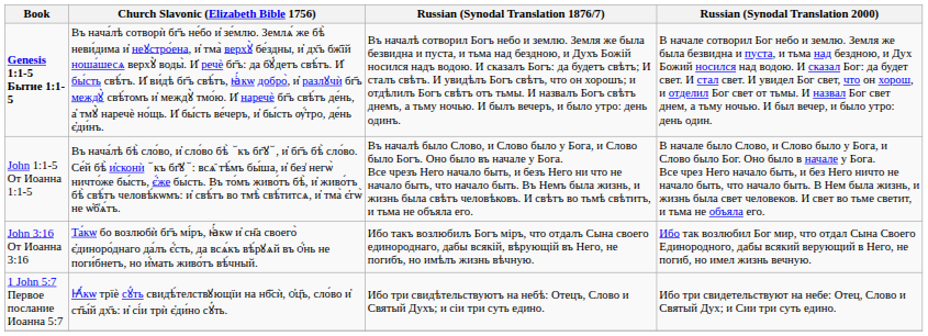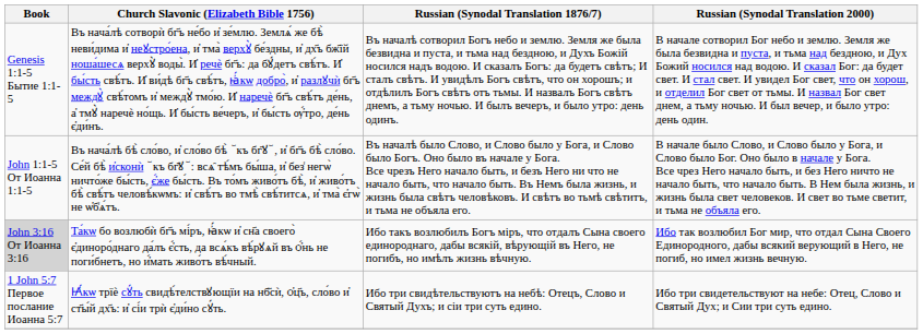 <table class="wikitable">
 <tr>
 <th>Book</th>
 <th>Church Slavonic (<a href='#'>Elizabeth Bible</a> 1756)</th>
 <th>Russian (Synodal Translation 1876/7)</th>
 <th>Russian (Synodal Translation 2000)</th>
 </tr>
 <tr>
-<td><strong><a href='#'>Genesis</a> 1:1-5<br>Бытие 1:1-5</strong></td>
+<td><a href='#'>Genesis</a> 1:1-5<br>Бытие 1:1-5</td>
 <td>Въ нача́лѣ сотворѝ бг҃ъ не́бо и҆ зе́млю.   Землѧ́ же бѣ̀ неви́дима и҆ <a href='#'>неꙋстро́ена</a>, и҆ тма̀ <a href='#'>верхꙋ̀</a> бе́здны, и҆ дх҃ъ бж҃їй <a href='#'>ноша́шесѧ</a> верхꙋ̀ воды̀.   И҆ <a href='#'>речѐ</a> бг҃ъ: да бꙋ́детъ свѣ́тъ. И҆ <a href='#'>бы́сть</a> свѣ́тъ.  И҆ ви́дѣ бг҃ъ свѣ́тъ, <a href='#'>ꙗ҆́кѡ</a> <a href='#'>добро̀</a>, и҆ <a href='#'>разлꙋчѝ</a> бг҃ъ <a href='#'>междꙋ̀</a> свѣ́томъ и҆ междꙋ̀ тмо́ю.  И҆ <a href='#'>наречѐ</a> бг҃ъ свѣ́тъ де́нь, а҆ тмꙋ̀ наречѐ но́щь. И҆ бы́сть ве́черъ, и҆ бы́сть ѹ҆́тро, де́нь є҆ди́нъ.</td>
 <td>Въ началѣ сотворил Богъ небо и землю. Земля же была безвидна и пуста, и тьма над бездною, и Духъ Божій носился надъ водою. И сказалъ Богъ: да будетъ свѣтъ; И сталъ свѣтъ. И увидѣлъ Богъ свѣтъ, что он хорошъ; и отдѣлилъ Богъ свѣтъ отъ тьмы. И назвалъ Богъ свѣтъ днемъ, а тьму ночью. И былъ вечеръ, и было утро: день одинъ.</td>
 <td>В начале сотворил Бог небо и землю. Земля же была безвидна и <a href='#'>пуста</a>, и тьма <a href='#'>над</a> бездною, и Дух Божий <a href='#'>носился</a> над водою. И <a href='#'>сказал</a> Бог: да будет свет. И <a href='#'>стал</a> свет. И увидел Бог свет, <a href='#'>что</a> он <a href='#'>хорош</a>, и <a href='#'>отделил</a> Бог свет от тьмы. И <a href='#'>назвал</a> Бог свет днем, а тьму ночью. И был вечер, и было утро: день один.</td>
 </tr>
 <tr>
 <td><a href='#'>John</a> 1:1-5<br>От Иоанна 1:1-5</td>
 <td>Въ нача́лѣ бѣ̀ сло́во, и҆ сло́во бѣ̀ ꙾къ бг҃ꙋ꙾, и҆ бг҃ъ бѣ̀ сло́во.  Се́й бѣ̀ <a href='#'>и҆сконѝ</a> ꙾къ бг҃ꙋ꙾:  всѧ̑ тѣ́мъ бы́ша, и҆ без̾ негѡ̀ ничто́же бы́сть, <a href='#'>є҆́же</a> бы́сть.  Въ то́мъ живо́тъ бѣ̀, и҆ живо́тъ бѣ̀ свѣ́тъ человѣ́кѡмъ: и҆ свѣ́тъ во тмѣ̀ свѣ́титсѧ, и҆ тма̀ є҆гѡ̀ не ѡ҆б̾ѧ́тъ.</td>
 <td>Въ началѣ было Слово, и Слово было у Бога, и Слово было Богъ. Оно было въ начале у Бога.<br>Все чрезъ Него начало быть, и безъ Него ни что не начало быть, что начало быть. Въ Немъ была жизнь, и жизнь была свѣтъ человѣковъ. И свѣтъ во тьмѣ свѣтитъ, и тьма не объяла его.</td>
 <td>В начале было Слово, и Слово было у Бога, и Слово было Бог. Оно было в <a href='#'>начале</a> у Бога.<br>Все чрез Него начало быть, и без Него ничто не начало быть, что начало быть. В Нем была жизнь, и жизнь была свет человеков. И свет во тьме светит, и тьма не <a href='#'>объяла</a> его.</td>
 </tr>
 <tr>
-<td><a href='#'>John 3:16</a><br>От Иоанна 3:16</td>
+<td style="background: lightgrey;"><a href='#'>John 3:16</a><br>От Иоанна 3:16</td>
 <td><a href='#'>Та́кѡ</a> бо возлюбѝ бг҃ъ мі́ръ, ꙗ҆́кѡ и҆ сн҃а своего̀ є҆диноро́днаго да́лъ є҆́сть, да всѧ́къ вѣ́рꙋѧй въ ѻ҆́нь не поги́бнетъ, но и҆́мать живо́тъ вѣ́чный.</td>
 <td>Ибо такъ возлюбилъ Богъ міръ, что отдалъ Сына своего единороднаго, дабы всякій, вѣрующій въ Него, не погибъ, но имѣлъ жизнь вѣчную.</td>
 <td><a href='#'>Ибо</a> так возлюбил Бог мир, что отдал Сына Своего Единородного, дабы всякий верующий в Него, не погиб, но имел жизнь вечную.</td>
 </tr>
 <tr>
 <td><a href='#'>1 John 5:7</a><br>Первое послание Иоанна 5:7</td>
 <td><a href='#'>Ꙗ҆́кѡ</a> трїѐ <a href='#'>сꙋ́ть</a> свидѣ́телствꙋющїи на нб҃сѝ, ѻ҆ц҃ъ, сло́во и҆ ст҃ы́й дх҃ъ: и҆ сі́и трѝ є҆ди́но сꙋ́ть.</td>
 <td>Ибо три свидѣтельствуютъ на небѣ: Отецъ, Слово и Святый Духъ; и сіи три суть едино.</td>
 <td>Ибо три свидетельствуют на небе: Отец, Слово и Святый Дух; и Сии три суть едино.</td>
 </tr>
 <tr>
 </tr>
 </table>
